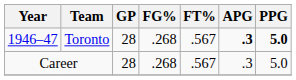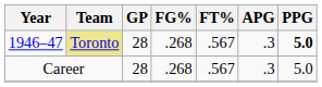 <table class="wikitable sortable" style="font-size:95%; text-align:right;">
 <tr>
 <th>Year</th>
 <th>Team</th>
 <th>GP</th>
 <th>FG%</th>
 <th>FT%</th>
 <th>APG</th>
 <th>PPG</th>
 </tr>
 <tr>
 <td style="text-align:left;"><a href='#'>1946–47</a></td>
-<td style="text-align:left;"><a href='#'>Toronto</a></td>
+<td style="background: khaki; text-align:left;"><a href='#'>Toronto</a></td>
 <td>28</td>
 <td>.268</td>
 <td>.567</td>
-<td><strong>.3</strong></td>
+<td>.3</td>
 <td><strong>5.0</strong></td>
 </tr>
 <tr>
 <td style="text-align:center;" colspan="2">Career</td>
 <td>28</td>
 <td>.268</td>
 <td>.567</td>
 <td>.3</td>
 <td>5.0</td>
 </tr>
 <tr>
 </tr>
 </table>
